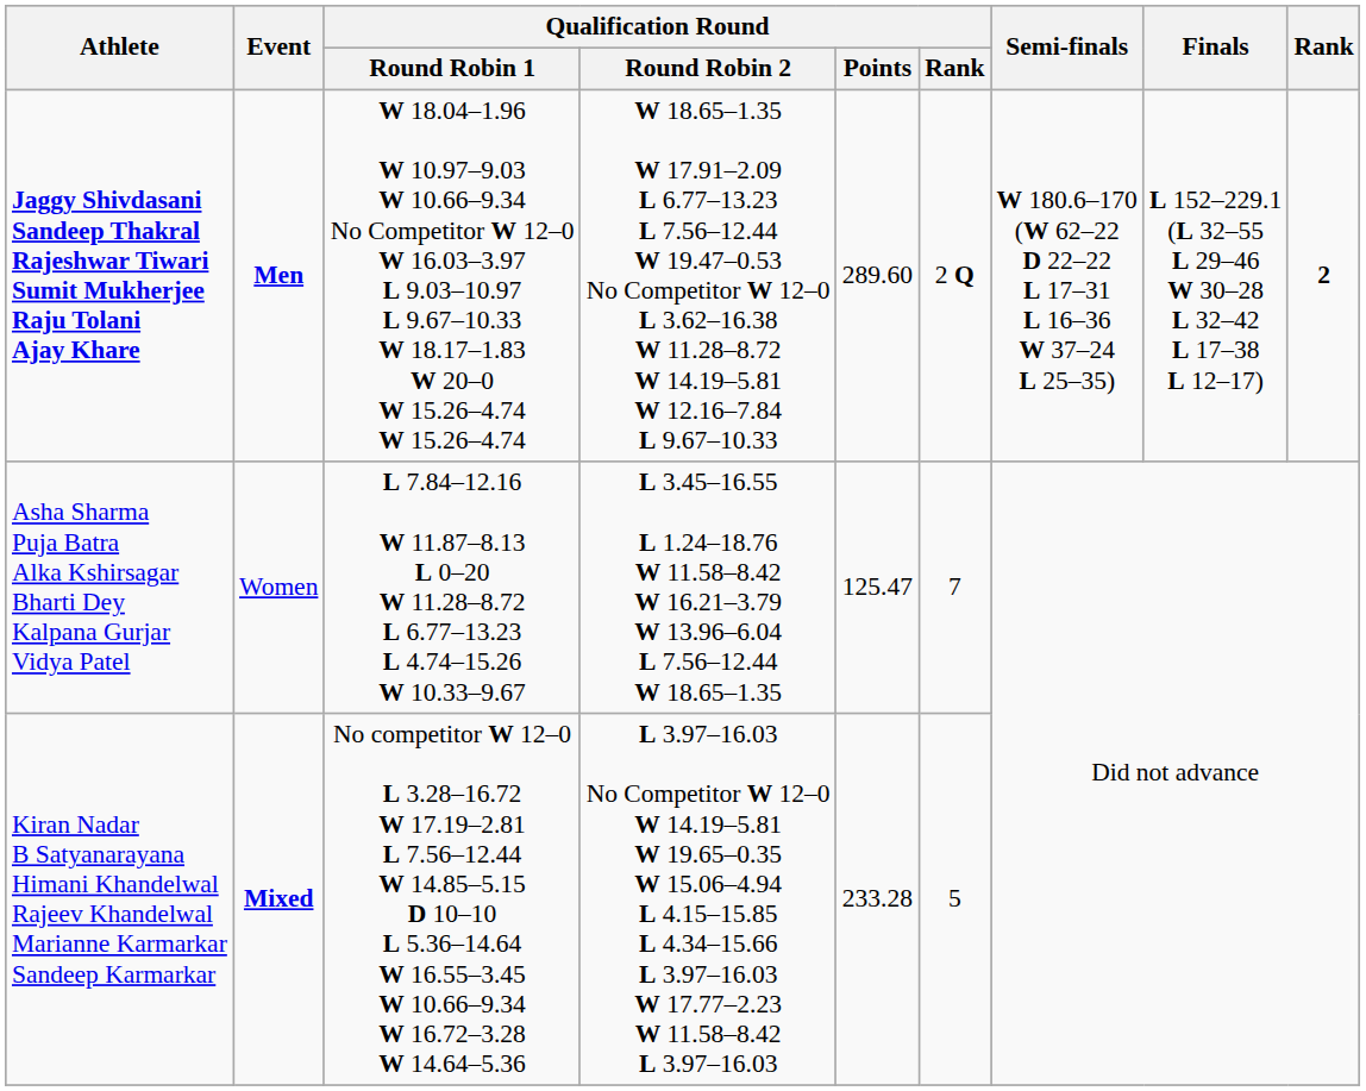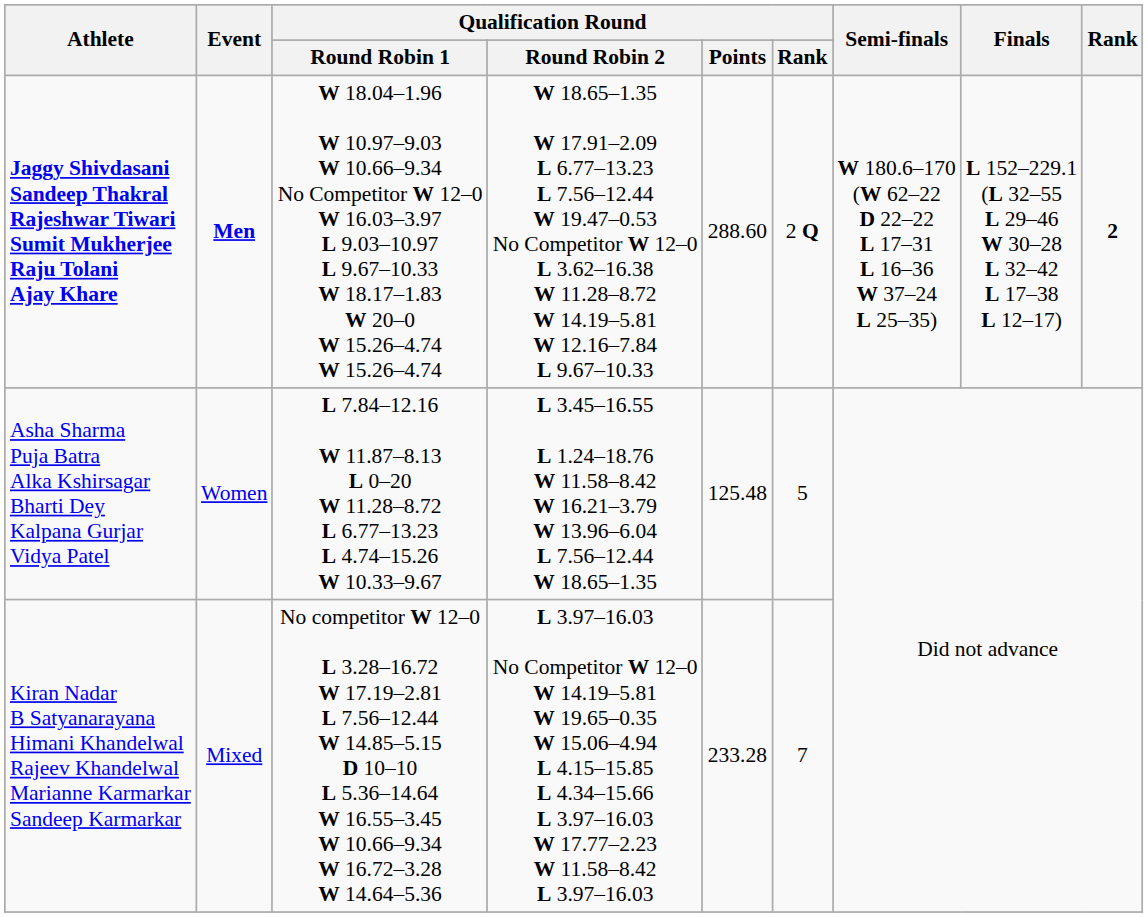 <table class=wikitable style="text-align:center; font-size:80%">
 <tr>
 <th rowspan="2">Athlete</th>
 <th rowspan="2">Event</th>
 <th colspan="4">Qualification Round</th>
 <th rowspan="2">Semi-finals</th>
 <th rowspan="2">Finals</th>
 <th rowspan="2">Rank</th>
 </tr>
 <tr>
 <th>Round Robin 1</th>
 <th>Round Robin 2</th>
 <th>Points</th>
 <th>Rank</th>
 </tr>
 <tr>
 <td style="text-align:left"><strong><a href='#'>Jaggy Shivdasani</a><br><a href='#'>Sandeep Thakral</a><br><a href='#'>Rajeshwar Tiwari</a><br><a href='#'>Sumit Mukherjee</a><br><a href='#'>Raju Tolani</a><br><a href='#'>Ajay Khare</a></strong></td>
 <td><strong><a href='#'>Men</a></strong></td>
 <td> <strong>W</strong> 18.04–1.96<br><br> <strong>W</strong> 10.97–9.03<br>   <strong>W</strong> 10.66–9.34<br>  No Competitor <strong>W</strong> 12–0<br>   <strong>W</strong> 16.03–3.97<br>   <strong>L</strong> 9.03–10.97<br>   <strong>L</strong> 9.67–10.33<br>   <strong>W</strong> 18.17–1.83<br>   <strong>W</strong> 20–0<br>   <strong>W</strong> 15.26–4.74<br>   <strong>W</strong> 15.26–4.74</td>
 <td> <strong>W</strong> 18.65–1.35<br><br> <strong>W</strong> 17.91–2.09<br>  <strong>L</strong> 6.77–13.23<br>  <strong>L</strong> 7.56–12.44<br>  <strong>W</strong> 19.47–0.53<br> No Competitor <strong>W</strong> 12–0<br>  <strong>L</strong> 3.62–16.38<br>  <strong>W</strong> 11.28–8.72<br>  <strong>W</strong> 14.19–5.81<br>  <strong>W</strong> 12.16–7.84<br>  <strong>L</strong> 9.67–10.33</td>
-<td>289.60</td>
+<td>288.60</td>
 <td>2 <strong>Q</strong></td>
 <td><br> <strong>W</strong> 180.6–170 <br>(<strong>W</strong> 62–22<br><strong>D</strong> 22–22<br><strong>L</strong> 17–31<br><strong>L</strong> 16–36<br><strong>W</strong> 37–24<br><strong>L</strong> 25–35)</td>
 <td><br> <strong>L</strong> 152–229.1 <br>(<strong>L</strong> 32–55<br><strong>L</strong> 29–46<br><strong>W</strong> 30–28<br><strong>L</strong> 32–42<br><strong>L</strong> 17–38<br><strong>L</strong> 12–17)</td>
 <td><strong>2</strong></td>
 </tr>
 <tr>
 <td style="text-align:left"><a href='#'>Asha Sharma</a><br><a href='#'>Puja Batra</a><br><a href='#'>Alka Kshirsagar</a><br><a href='#'>Bharti Dey</a><br><a href='#'>Kalpana Gurjar</a><br><a href='#'>Vidya Patel</a></td>
 <td><a href='#'>Women</a></td>
 <td> <strong>L</strong> 7.84–12.16<br><br> <strong>W</strong> 11.87–8.13<br>  <strong>L</strong> 0–20<br>  <strong>W</strong> 11.28–8.72<br>  <strong>L</strong> 6.77–13.23<br>  <strong>L</strong> 4.74–15.26<br>  <strong>W</strong> 10.33–9.67</td>
 <td> <strong>L</strong> 3.45–16.55<br><br> <strong>L</strong> 1.24–18.76<br>  <strong>W</strong> 11.58–8.42<br>  <strong>W</strong> 16.21–3.79<br>  <strong>W</strong> 13.96–6.04<br>  <strong>L</strong> 7.56–12.44<br>  <strong>W</strong> 18.65–1.35</td>
-<td>125.47</td>
-<td>7</td>
+<td>125.48</td>
+<td>5</td>
 <td colspan="3" rowspan=2>Did not advance</td>
 </tr>
 <tr>
 <td style="text-align:left"><a href='#'>Kiran Nadar</a><br><a href='#'>B Satyanarayana</a><br><a href='#'>Himani Khandelwal</a><br><a href='#'>Rajeev Khandelwal</a><br><a href='#'>Marianne Karmarkar</a><br><a href='#'>Sandeep Karmarkar</a></td>
-<td><strong><a href='#'>Mixed</a></strong></td>
+<td><a href='#'>Mixed</a></td>
 <td>No competitor <strong>W</strong> 12–0<br><br> <strong>L</strong> 3.28–16.72<br>  <strong>W</strong> 17.19–2.81<br>  <strong>L</strong> 7.56–12.44<br>  <strong>W</strong> 14.85–5.15<br>  <strong>D</strong> 10–10<br>  <strong>L</strong> 5.36–14.64<br>  <strong>W</strong> 16.55–3.45<br>  <strong>W</strong> 10.66–9.34<br>  <strong>W</strong> 16.72–3.28<br>  <strong>W</strong> 14.64–5.36</td>
 <td> <strong>L</strong> 3.97–16.03<br><br>No Competitor <strong>W</strong> 12–0<br>   <strong>W</strong> 14.19–5.81<br>   <strong>W</strong> 19.65–0.35<br>  <strong>W</strong> 15.06–4.94<br>  <strong>L</strong> 4.15–15.85<br>  <strong>L</strong> 4.34–15.66<br>  <strong>L</strong> 3.97–16.03<br>  <strong>W</strong> 17.77–2.23<br>  <strong>W</strong> 11.58–8.42<br>  <strong>L</strong> 3.97–16.03</td>
 <td>233.28</td>
-<td>5</td>
+<td>7</td>
 </tr>
 </table>
